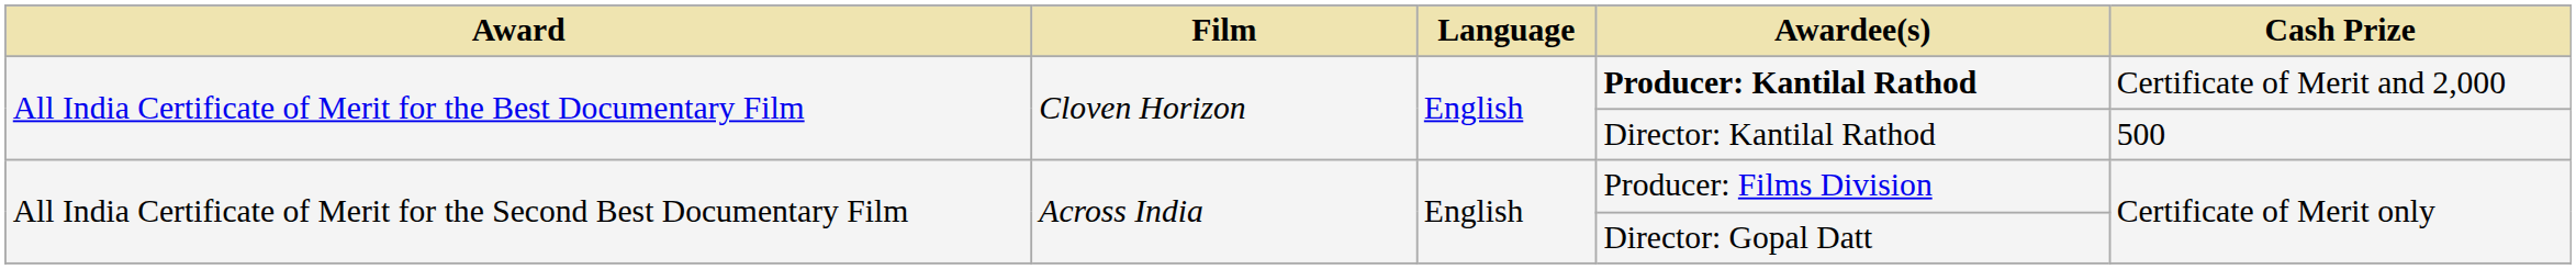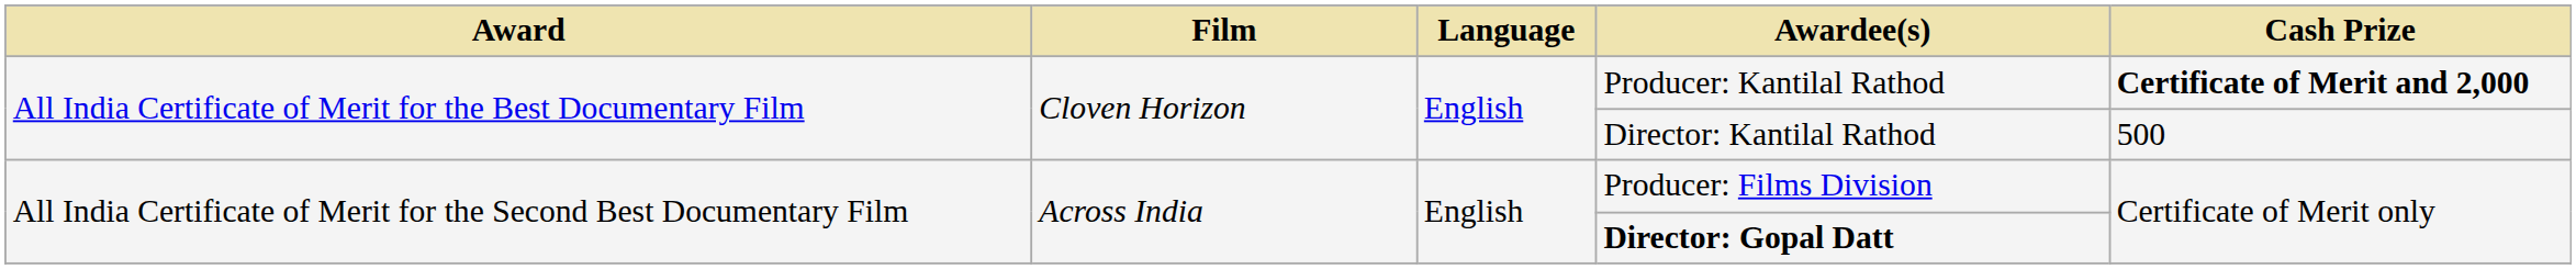 <table class="wikitable sortable" style="width:100%">
 <tr>
 <th style="background-color:#EFE4B0;width:40%;">Award</th>
 <th style="background-color:#EFE4B0;width:15%;">Film</th>
 <th style="background-color:#EFE4B0;width:7%;">Language</th>
 <th style="background-color:#EFE4B0;width:20%;">Awardee(s)</th>
 <th style="background-color:#EFE4B0;width:18%;">Cash Prize</th>
 </tr>
 <tr style="background-color:#F4F4F4">
 <td rowspan="2"><a href='#'>All India Certificate of Merit for the Best Documentary Film</a></td>
 <td rowspan="2"><em>Cloven Horizon</em></td>
 <td rowspan="2"><a href='#'>English</a></td>
-<td><strong>Producer: Kantilal Rathod</strong></td>
-<td>Certificate of Merit and 2,000</td>
+<td>Producer: Kantilal Rathod</td>
+<td><strong>Certificate of Merit and 2,000</strong></td>
 </tr>
 <tr style="background-color:#F4F4F4">
 <td>Director: Kantilal Rathod</td>
 <td>500</td>
 </tr>
 <tr style="background-color:#F4F4F4">
 <td rowspan="2">All India Certificate of Merit for the Second Best Documentary Film</td>
 <td rowspan="2"><em>Across India</em></td>
 <td rowspan="2">English</td>
 <td>Producer: <a href='#'>Films Division</a></td>
 <td rowspan="2">Certificate of Merit only</td>
 </tr>
 <tr style="background-color:#F4F4F4">
-<td>Director: Gopal Datt</td>
+<td><strong>Director: Gopal Datt</strong></td>
 </tr>
 </table>
